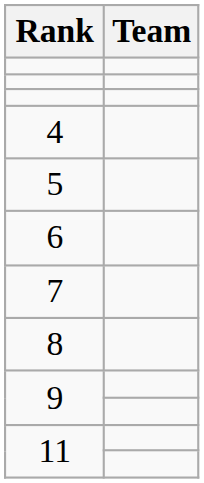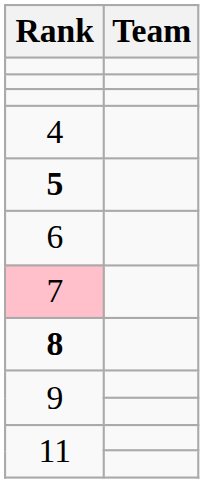 <table class="wikitable" style="text-align: center;">
 <tr>
 <th width=40>Rank</th>
 <th>Team</th>
 </tr>
 <tr>
 <td></td>
 <td align=left></td>
 </tr>
 <tr>
 <td></td>
 <td align=left></td>
 </tr>
 <tr>
 <td></td>
 <td align=left></td>
 </tr>
 <tr>
 <td>4</td>
 <td align=left></td>
 </tr>
 <tr>
-<td>5</td>
+<td><strong>5</strong></td>
 <td align=left></td>
 </tr>
 <tr>
 <td>6</td>
 <td align=left></td>
 </tr>
 <tr>
-<td>7</td>
+<td style="background: pink;">7</td>
 <td align=left></td>
 </tr>
 <tr>
-<td>8</td>
+<td><strong>8</strong></td>
 <td align=left></td>
 </tr>
 <tr>
 <td rowspan="2">9</td>
 <td align=left></td>
 </tr>
 <tr>
 <td align=left></td>
 </tr>
 <tr>
 <td rowspan="2">11</td>
 <td align=left></td>
 </tr>
 <tr>
 <td align=left></td>
 </tr>
 </table>
